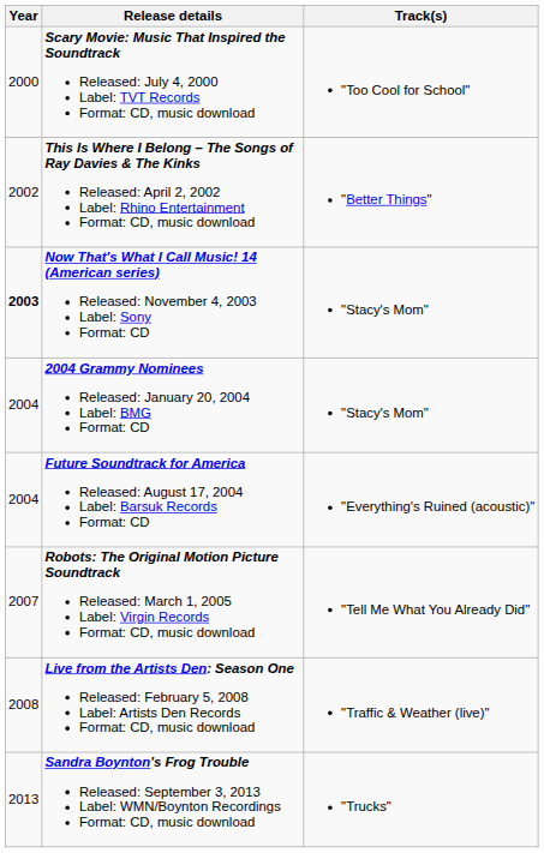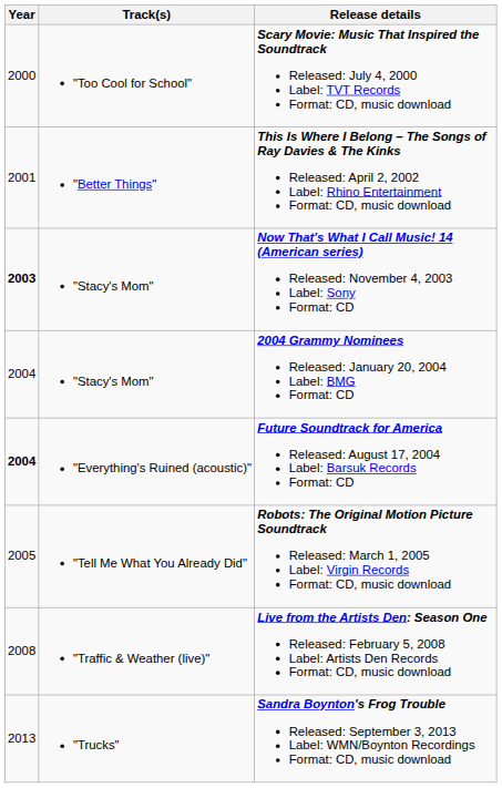 <table class ="wikitable">
 <tr>
 <th>Year</th>
+<th>Track(s)</th>
 <th style="width:300px;">Release details</th>
-<th>Track(s)</th>
 </tr>
 <tr>
 <td>2000</td>
+<td><br><ul><li>"Too Cool for School"</li></ul></td>
 <td><strong><em>Scary Movie: Music That Inspired the Soundtrack</em></strong><br><ul><li>Released: July 4, 2000</li><li>Label: <a href='#'>TVT Records</a></li><li>Format: CD, music download</li></ul></td>
-<td><br><ul><li>"Too Cool for School"</li></ul></td>
 </tr>
 <tr>
-<td>2002</td>
+<td>2001</td>
+<td><br><ul><li>"<a href='#'>Better Things</a>"</li></ul></td>
 <td><strong><em>This Is Where I Belong – The Songs of Ray Davies & The Kinks</em></strong><br><ul><li>Released: April 2, 2002</li><li>Label: <a href='#'>Rhino Entertainment</a></li><li>Format: CD, music download</li></ul></td>
-<td><br><ul><li>"<a href='#'>Better Things</a>"</li></ul></td>
 </tr>
 <tr>
 <td><strong>2003</strong></td>
+<td><br><ul><li>"Stacy's Mom"</li></ul></td>
 <td><strong><em><a href='#'>Now That's What I Call Music! 14 (American series)</a></em></strong><br><ul><li>Released: November 4, 2003</li><li>Label: <a href='#'>Sony</a></li><li>Format: CD</li></ul></td>
-<td><br><ul><li>"Stacy's Mom"</li></ul></td>
 </tr>
 <tr>
 <td>2004</td>
+<td><br><ul><li>"Stacy's Mom"</li></ul></td>
 <td><strong><em><a href='#'>2004 Grammy Nominees</a></em></strong><br><ul><li>Released: January 20, 2004</li><li>Label: <a href='#'>BMG</a></li><li>Format: CD</li></ul></td>
-<td><br><ul><li>"Stacy's Mom"</li></ul></td>
 </tr>
 <tr>
-<td>2004</td>
+<td><strong>2004</strong></td>
+<td><br><ul><li>"Everything's Ruined (acoustic)"</li></ul></td>
 <td><strong><em><a href='#'>Future Soundtrack for America</a></em></strong><br><ul><li>Released: August 17, 2004</li><li>Label: <a href='#'>Barsuk Records</a></li><li>Format: CD</li></ul></td>
-<td><br><ul><li>"Everything's Ruined (acoustic)"</li></ul></td>
 </tr>
 <tr>
-<td>2007</td>
+<td>2005</td>
+<td><br><ul><li>"Tell Me What You Already Did"</li></ul></td>
 <td><strong><em>Robots: The Original Motion Picture Soundtrack</em></strong><br><ul><li>Released: March 1, 2005</li><li>Label: <a href='#'>Virgin Records</a></li><li>Format: CD, music download</li></ul></td>
-<td><br><ul><li>"Tell Me What You Already Did"</li></ul></td>
 </tr>
 <tr>
 <td>2008</td>
+<td><br><ul><li>"Traffic & Weather (live)"</li></ul></td>
 <td><strong><em><a href='#'>Live from the Artists Den</a>: Season One</em></strong><br><ul><li>Released: February 5, 2008</li><li>Label: Artists Den Records</li><li>Format: CD, music download</li></ul></td>
-<td><br><ul><li>"Traffic & Weather (live)"</li></ul></td>
 </tr>
 <tr>
 <td>2013</td>
+<td><br><ul><li>"Trucks"</li></ul></td>
 <td><strong><em><a href='#'>Sandra Boynton</a>'s Frog Trouble</em></strong><br><ul><li>Released: September 3, 2013</li><li>Label: WMN/Boynton Recordings</li><li>Format: CD, music download</li></ul></td>
-<td><br><ul><li>"Trucks"</li></ul></td>
 </tr>
 </table>
